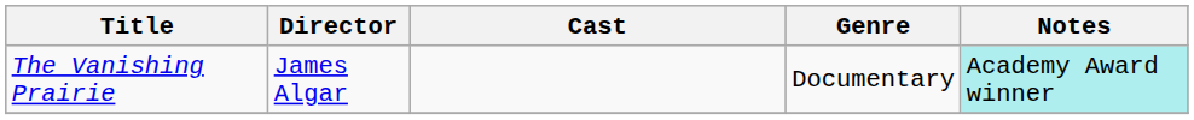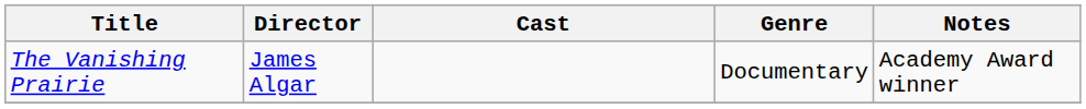 <table class="wikitable sortable" style="width:100%;">
 <tr>
 <th style="width:23%;">Title</th>
 <th style="width:12%;">Director</th>
 <th style="width:34%;">Cast</th>
 <th style="width:11%;">Genre</th>
 <th style="width:20%;">Notes</th>
 </tr>
 <tr>
 <td><em><a href='#'>The Vanishing Prairie</a></em></td>
 <td><a href='#'>James Algar</a></td>
 <td></td>
 <td>Documentary</td>
-<td style="background: paleturquoise;">Academy Award winner</td>
+<td>Academy Award winner</td>
 </tr>
 <tr>
 </tr>
 </table>
